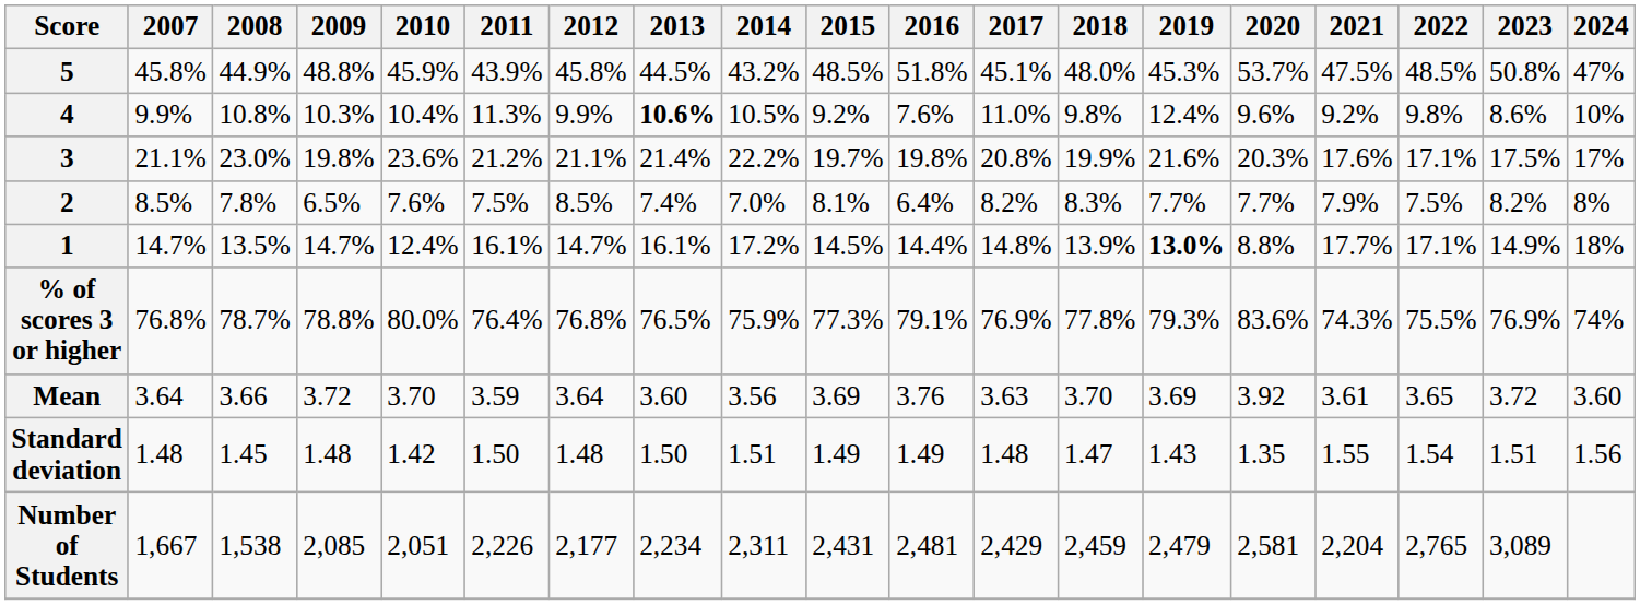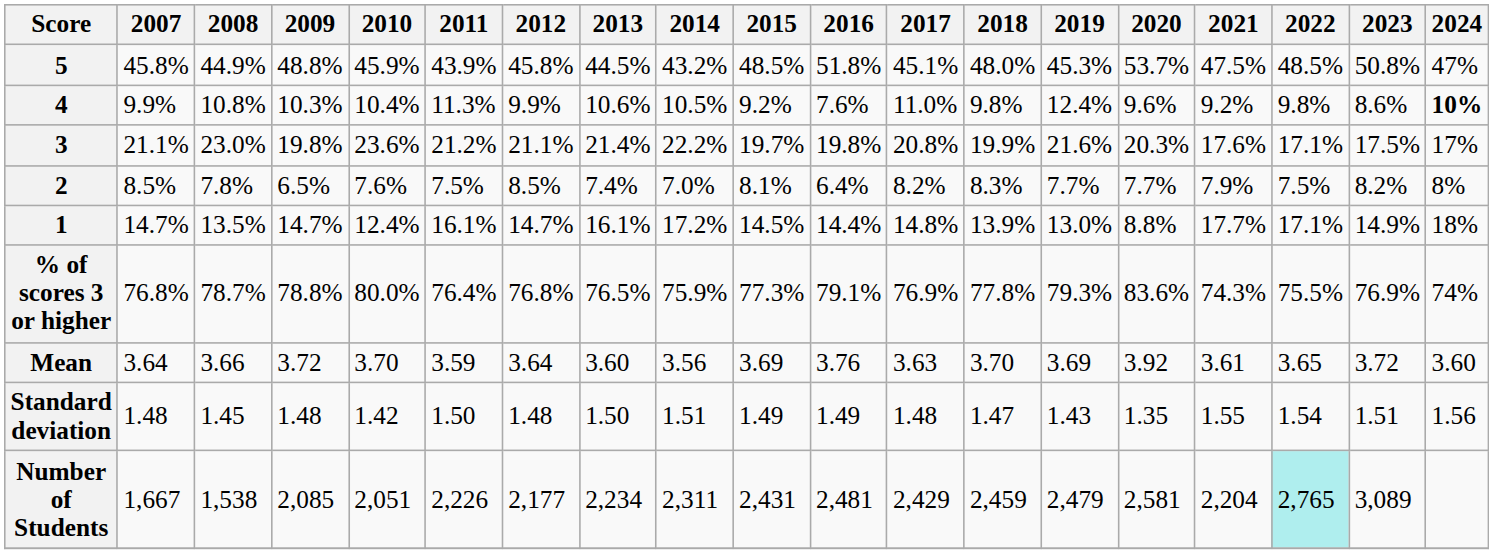 <table class="wikitable">
 <tr>
 <th>Score</th>
 <th>2007</th>
 <th>2008</th>
 <th>2009</th>
 <th>2010</th>
 <th>2011</th>
 <th>2012</th>
 <th>2013</th>
 <th>2014</th>
 <th>2015</th>
 <th>2016</th>
 <th>2017</th>
 <th>2018</th>
 <th>2019</th>
 <th>2020</th>
 <th>2021</th>
 <th>2022</th>
 <th>2023</th>
 <th>2024</th>
 </tr>
 <tr>
 <th>5</th>
 <td>45.8%</td>
 <td>44.9%</td>
 <td>48.8%</td>
 <td>45.9%</td>
 <td>43.9%</td>
 <td>45.8%</td>
 <td>44.5%</td>
 <td>43.2%</td>
 <td>48.5%</td>
 <td>51.8%</td>
 <td>45.1%</td>
 <td>48.0%</td>
 <td>45.3%</td>
 <td>53.7%</td>
 <td>47.5%</td>
 <td>48.5%</td>
 <td>50.8%</td>
 <td>47%</td>
 </tr>
 <tr>
 <th>4</th>
 <td>9.9%</td>
 <td>10.8%</td>
 <td>10.3%</td>
 <td>10.4%</td>
 <td>11.3%</td>
 <td>9.9%</td>
-<td><strong>10.6%</strong></td>
+<td>10.6%</td>
 <td>10.5%</td>
 <td>9.2%</td>
 <td>7.6%</td>
 <td>11.0%</td>
 <td>9.8%</td>
 <td>12.4%</td>
 <td>9.6%</td>
 <td>9.2%</td>
 <td>9.8%</td>
 <td>8.6%</td>
-<td>10%</td>
+<td><strong>10%</strong></td>
 </tr>
 <tr>
 <th>3</th>
 <td>21.1%</td>
 <td>23.0%</td>
 <td>19.8%</td>
 <td>23.6%</td>
 <td>21.2%</td>
 <td>21.1%</td>
 <td>21.4%</td>
 <td>22.2%</td>
 <td>19.7%</td>
 <td>19.8%</td>
 <td>20.8%</td>
 <td>19.9%</td>
 <td>21.6%</td>
 <td>20.3%</td>
 <td>17.6%</td>
 <td>17.1%</td>
 <td>17.5%</td>
 <td>17%</td>
 </tr>
 <tr>
 <th>2</th>
 <td>8.5%</td>
 <td>7.8%</td>
 <td>6.5%</td>
 <td>7.6%</td>
 <td>7.5%</td>
 <td>8.5%</td>
 <td>7.4%</td>
 <td>7.0%</td>
 <td>8.1%</td>
 <td>6.4%</td>
 <td>8.2%</td>
 <td>8.3%</td>
 <td>7.7%</td>
 <td>7.7%</td>
 <td>7.9%</td>
 <td>7.5%</td>
 <td>8.2%</td>
 <td>8%</td>
 </tr>
 <tr>
 <th>1</th>
 <td>14.7%</td>
 <td>13.5%</td>
 <td>14.7%</td>
 <td>12.4%</td>
 <td>16.1%</td>
 <td>14.7%</td>
 <td>16.1%</td>
 <td>17.2%</td>
 <td>14.5%</td>
 <td>14.4%</td>
 <td>14.8%</td>
 <td>13.9%</td>
-<td><strong>13.0%</strong></td>
+<td>13.0%</td>
 <td>8.8%</td>
 <td>17.7%</td>
 <td>17.1%</td>
 <td>14.9%</td>
 <td>18%</td>
 </tr>
 <tr>
 <th>% of scores 3 or higher</th>
 <td>76.8%</td>
 <td>78.7%</td>
 <td>78.8%</td>
 <td>80.0%</td>
 <td>76.4%</td>
 <td>76.8%</td>
 <td>76.5%</td>
 <td>75.9%</td>
 <td>77.3%</td>
 <td>79.1%</td>
 <td>76.9%</td>
 <td>77.8%</td>
 <td>79.3%</td>
 <td>83.6%</td>
 <td>74.3%</td>
 <td>75.5%</td>
 <td>76.9%</td>
 <td>74%</td>
 </tr>
 <tr>
 <th>Mean</th>
 <td>3.64</td>
 <td>3.66</td>
 <td>3.72</td>
 <td>3.70</td>
 <td>3.59</td>
 <td>3.64</td>
 <td>3.60</td>
 <td>3.56</td>
 <td>3.69</td>
 <td>3.76</td>
 <td>3.63</td>
 <td>3.70</td>
 <td>3.69</td>
 <td>3.92</td>
 <td>3.61</td>
 <td>3.65</td>
 <td>3.72</td>
 <td>3.60</td>
 </tr>
 <tr>
 <th>Standard deviation</th>
 <td>1.48</td>
 <td>1.45</td>
 <td>1.48</td>
 <td>1.42</td>
 <td>1.50</td>
 <td>1.48</td>
 <td>1.50</td>
 <td>1.51</td>
 <td>1.49</td>
 <td>1.49</td>
 <td>1.48</td>
 <td>1.47</td>
 <td>1.43</td>
 <td>1.35</td>
 <td>1.55</td>
 <td>1.54</td>
 <td>1.51</td>
 <td>1.56</td>
 </tr>
 <tr>
 <th>Number of Students</th>
 <td>1,667</td>
 <td>1,538</td>
 <td>2,085</td>
 <td>2,051</td>
 <td>2,226</td>
 <td>2,177</td>
 <td>2,234</td>
 <td>2,311</td>
 <td>2,431</td>
 <td>2,481</td>
 <td>2,429</td>
 <td>2,459</td>
 <td>2,479</td>
 <td>2,581</td>
 <td>2,204</td>
-<td>2,765</td>
+<td style="background: paleturquoise;">2,765</td>
 <td>3,089</td>
 <td></td>
 </tr>
 <tr>
 </tr>
 </table>
